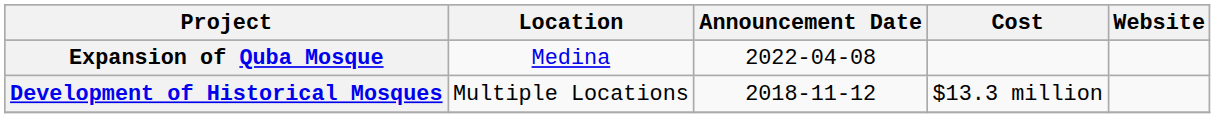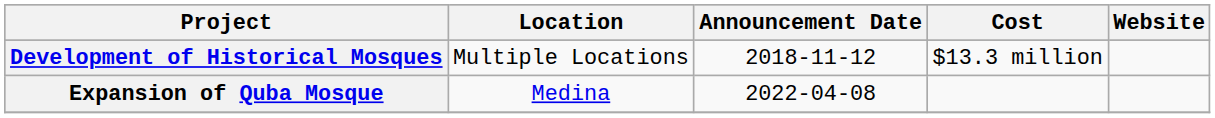 <table class="wikitable sortable" style="text-align:center;">
 <tr>
 <th>Project</th>
 <th>Location</th>
 <th>Announcement Date</th>
 <th>Cost</th>
 <th>Website</th>
 </tr>
 <tr>
+<th><a href='#'>Development of Historical Mosques</a></th>
+<td>Multiple Locations</td>
+<td>2018-11-12</td>
+<td>$13.3 million</td>
+<td></td>
+</tr>
+<tr>
 <th>Expansion of <a href='#'>Quba Mosque</a></th>
 <td><a href='#'>Medina</a></td>
 <td>2022-04-08</td>
 <td></td>
 <td></td>
 </tr>
 <tr>
-<th><a href='#'>Development of Historical Mosques</a></th>
-<td>Multiple Locations</td>
-<td>2018-11-12</td>
-<td>$13.3 million</td>
-<td></td>
-</tr>
-<tr>
 </tr>
 </table>
